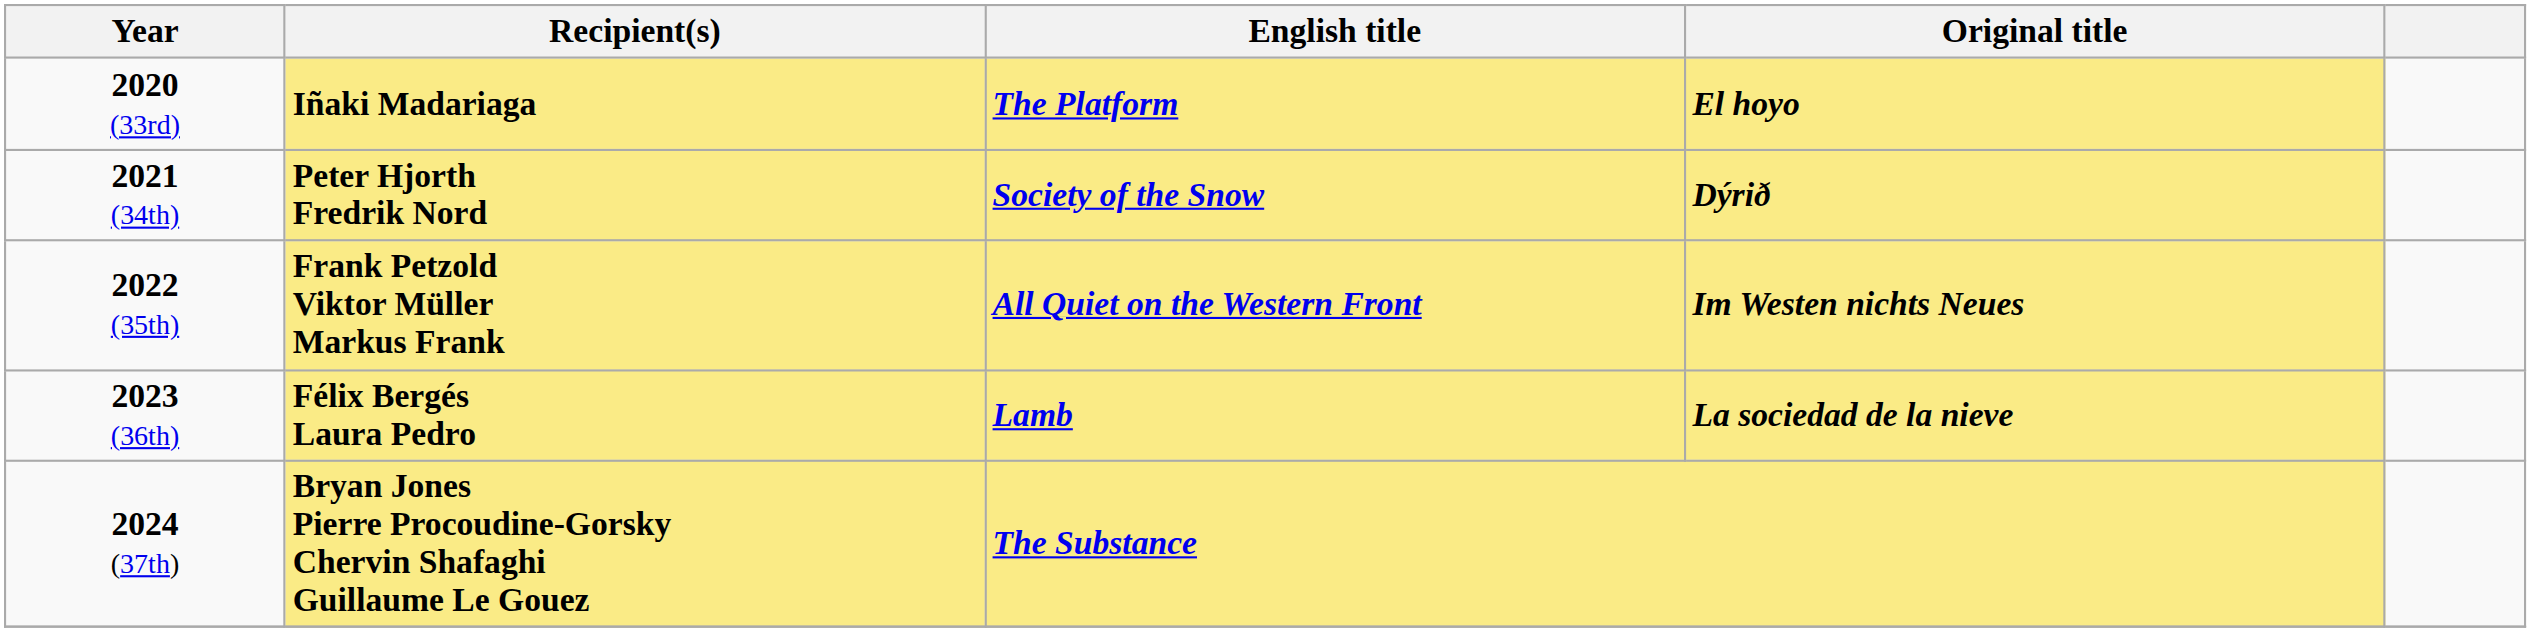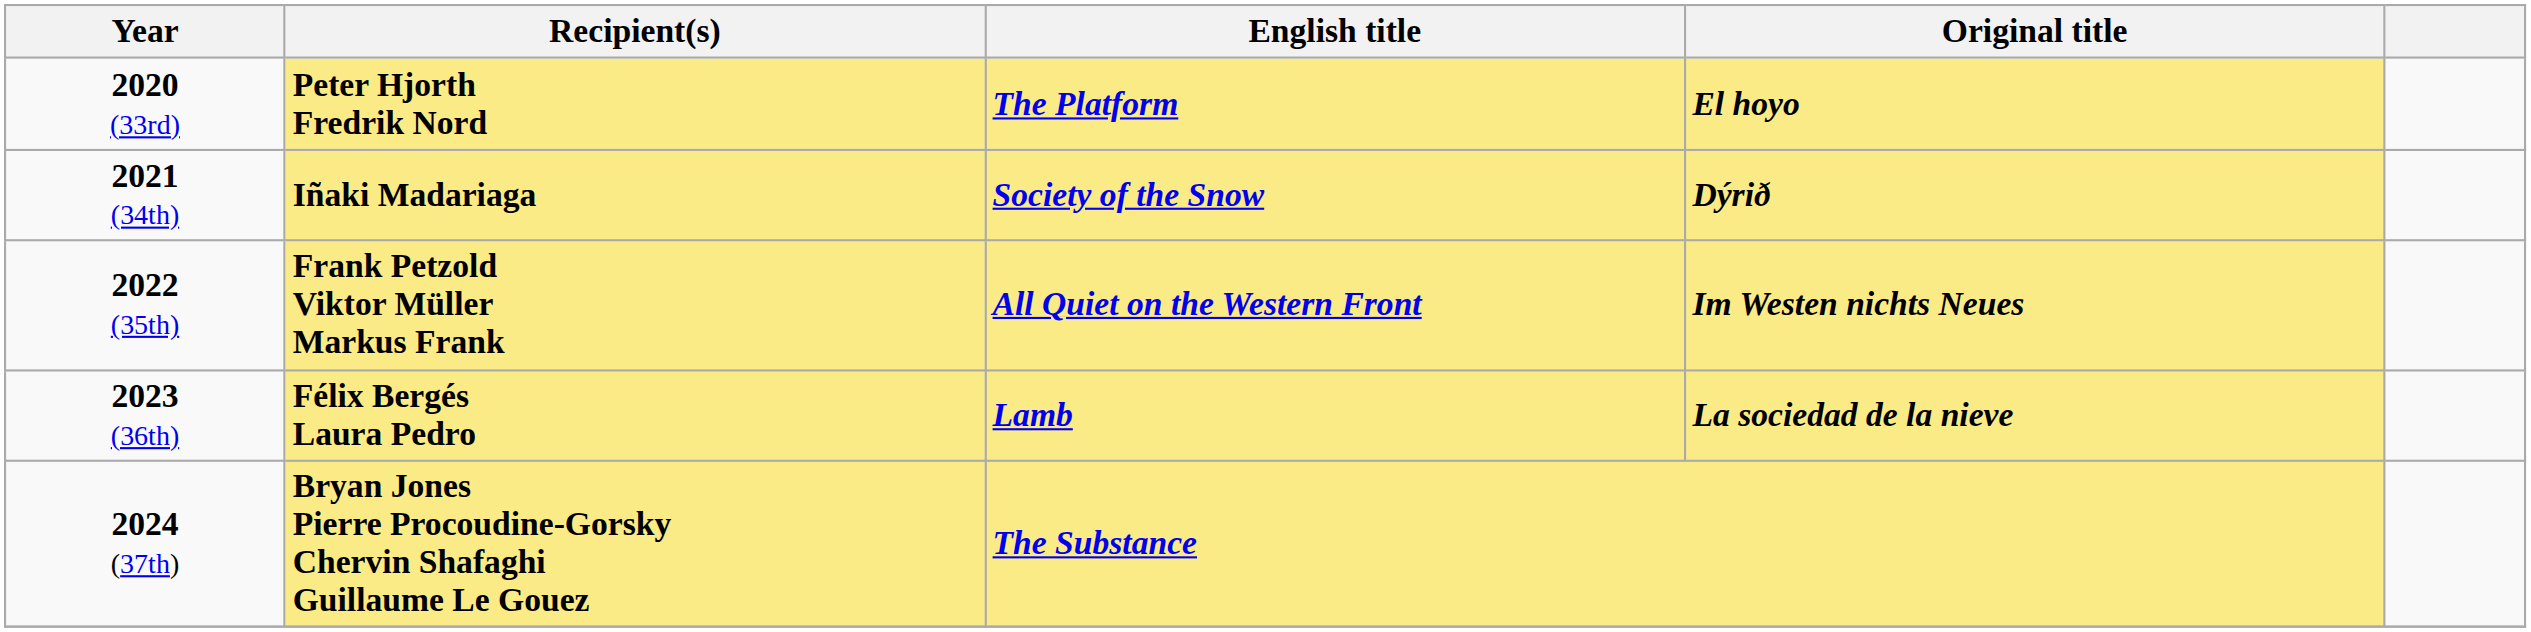 <table class="wikitable" width="95%" cellpadding="5">
 <tr>
 <th width="10%">Year</th>
 <th width="25%">Recipient(s)</th>
 <th width="25%">English title</th>
 <th width="25%">Original title</th>
 <th width="5%"></th>
 </tr>
 <tr>
 <td style="text-align:center;"><strong>2020</strong><br><small><a href='#'>(33rd)</a></small></td>
-<td style="background:#FAEB86;"><strong> Iñaki Madariaga</strong></td>
+<td style="background:#FAEB86;"> <strong>Peter Hjorth</strong><br> <strong>Fredrik Nord</strong></td>
 <td style="background:#FAEB86;"><strong><em><a href='#'>The Platform</a></em></strong></td>
 <td style="background:#FAEB86;"><strong><em>El hoyo</em></strong></td>
 <td></td>
 </tr>
 <tr>
 <td style="text-align:center;"><strong>2021</strong><br><small><a href='#'>(34th)</a></small></td>
-<td style="background:#FAEB86;"> <strong>Peter Hjorth</strong><br> <strong>Fredrik Nord</strong></td>
+<td style="background:#FAEB86;"><strong> Iñaki Madariaga</strong></td>
 <td style="background:#FAEB86;"><strong><em><a href='#'>Society of the Snow</a></em></strong></td>
 <td style="background:#FAEB86;"><strong><em>Dýrið</em></strong></td>
 <td></td>
 </tr>
 <tr>
 <td style="text-align:center;"><strong>2022</strong><br><small><a href='#'>(35th)</a></small></td>
 <td style="background:#FAEB86;"> <strong>Frank Petzold</strong><br> <strong>Viktor Müller</strong><br><strong> Markus Frank</strong></td>
 <td style="background:#FAEB86;"><strong><em><a href='#'>All Quiet on the Western Front</a></em></strong></td>
 <td style="background:#FAEB86;"><strong><em>Im Westen nichts Neues</em></strong></td>
 <td></td>
 </tr>
 <tr>
 <td style="text-align:center;"><strong>2023</strong><br><small><a href='#'>(36th)</a></small></td>
 <td style="background:#FAEB86;"> <strong>Félix Bergés</strong><br><strong> Laura Pedro</strong></td>
 <td style="background:#FAEB86;"><strong><em><a href='#'>Lamb</a></em></strong></td>
 <td style="background:#FAEB86;"><strong><em>La sociedad de la nieve</em></strong></td>
 <td></td>
 </tr>
 <tr>
 <td style="text-align:center;"><strong>2024</strong><br><small>(<a href='#'>37th</a>)</small></td>
 <td style="background:#FAEB86;"> <strong>Bryan Jones</strong><br> <strong>Pierre Procoudine-Gorsky</strong><br> <strong>Chervin Shafaghi</strong><br> <strong>Guillaume Le Gouez</strong></td>
 <td colspan="2" style="background:#FAEB86;"><strong><em><a href='#'>The Substance</a></em></strong></td>
 <td></td>
 </tr>
 <tr>
 </tr>
 </table>
